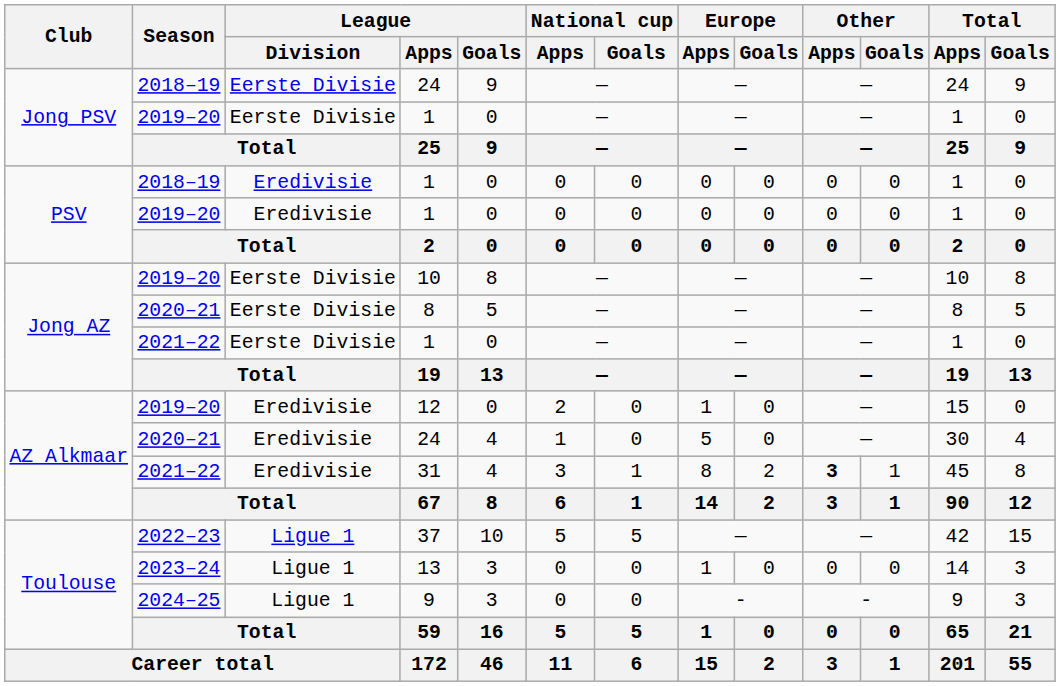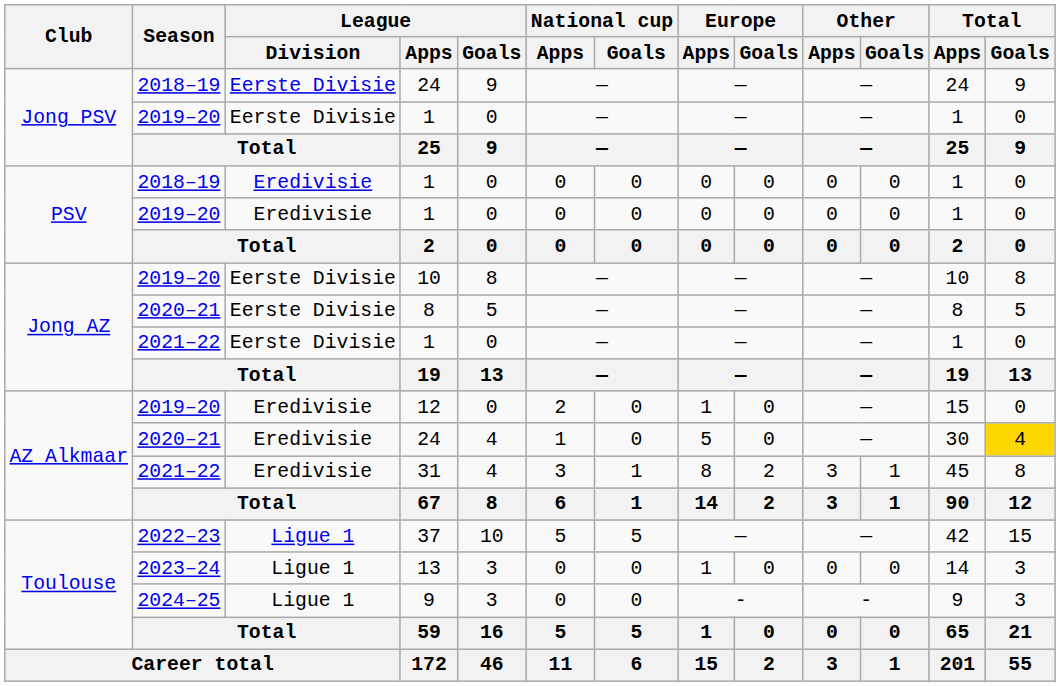 <table class="wikitable" style="text-align:center">
 <tr>
 <th rowspan="2">Club</th>
 <th rowspan="2">Season</th>
 <th colspan="3">League</th>
 <th colspan="2">National cup</th>
 <th colspan="2">Europe</th>
 <th colspan="2">Other</th>
 <th colspan="2">Total</th>
 </tr>
 <tr>
 <th>Division</th>
 <th>Apps</th>
 <th>Goals</th>
 <th>Apps</th>
 <th>Goals</th>
 <th>Apps</th>
 <th>Goals</th>
 <th>Apps</th>
 <th>Goals</th>
 <th>Apps</th>
 <th>Goals</th>
 </tr>
 <tr>
 <td rowspan="3"><a href='#'>Jong PSV</a></td>
 <td><a href='#'>2018–19</a></td>
 <td><a href='#'>Eerste Divisie</a></td>
 <td>24</td>
 <td>9</td>
 <td colspan="2">—</td>
 <td colspan="2">—</td>
 <td colspan="2">—</td>
 <td>24</td>
 <td>9</td>
 </tr>
 <tr>
 <td><a href='#'>2019–20</a></td>
 <td>Eerste Divisie</td>
 <td>1</td>
 <td>0</td>
 <td colspan="2">—</td>
 <td colspan="2">—</td>
 <td colspan="2">—</td>
 <td>1</td>
 <td>0</td>
 </tr>
 <tr>
 <th colspan="2">Total</th>
 <th>25</th>
 <th>9</th>
 <th colspan="2">—</th>
 <th colspan="2">—</th>
 <th colspan="2">—</th>
 <th>25</th>
 <th>9</th>
 </tr>
 <tr>
 <td rowspan="3"><a href='#'>PSV</a></td>
 <td><a href='#'>2018–19</a></td>
 <td><a href='#'>Eredivisie</a></td>
 <td>1</td>
 <td>0</td>
 <td>0</td>
 <td>0</td>
 <td>0</td>
 <td>0</td>
 <td>0</td>
 <td>0</td>
 <td>1</td>
 <td>0</td>
 </tr>
 <tr>
 <td><a href='#'>2019–20</a></td>
 <td>Eredivisie</td>
 <td>1</td>
 <td>0</td>
 <td>0</td>
 <td>0</td>
 <td>0</td>
 <td>0</td>
 <td>0</td>
 <td>0</td>
 <td>1</td>
 <td>0</td>
 </tr>
 <tr>
 <th colspan="2">Total</th>
 <th>2</th>
 <th>0</th>
 <th>0</th>
 <th>0</th>
 <th>0</th>
 <th>0</th>
 <th>0</th>
 <th>0</th>
 <th>2</th>
 <th>0</th>
 </tr>
 <tr>
 <td rowspan="4"><a href='#'>Jong AZ</a></td>
 <td><a href='#'>2019–20</a></td>
 <td>Eerste Divisie</td>
 <td>10</td>
 <td>8</td>
 <td colspan="2">—</td>
 <td colspan="2">—</td>
 <td colspan="2">—</td>
 <td>10</td>
 <td>8</td>
 </tr>
 <tr>
 <td><a href='#'>2020–21</a></td>
 <td>Eerste Divisie</td>
 <td>8</td>
 <td>5</td>
 <td colspan="2">—</td>
 <td colspan="2">—</td>
 <td colspan="2">—</td>
 <td>8</td>
 <td>5</td>
 </tr>
 <tr>
 <td><a href='#'>2021–22</a></td>
 <td>Eerste Divisie</td>
 <td>1</td>
 <td>0</td>
 <td colspan="2">—</td>
 <td colspan="2">—</td>
 <td colspan="2">—</td>
 <td>1</td>
 <td>0</td>
 </tr>
 <tr>
 <th colspan="2">Total</th>
 <th>19</th>
 <th>13</th>
 <th colspan="2">—</th>
 <th colspan="2">—</th>
 <th colspan="2">—</th>
 <th>19</th>
 <th>13</th>
 </tr>
 <tr>
 <td rowspan="4"><a href='#'>AZ Alkmaar</a></td>
 <td><a href='#'>2019–20</a></td>
 <td>Eredivisie</td>
 <td>12</td>
 <td>0</td>
 <td>2</td>
 <td>0</td>
 <td>1</td>
 <td>0</td>
 <td colspan="2">—</td>
 <td>15</td>
 <td>0</td>
 </tr>
 <tr>
 <td><a href='#'>2020–21</a></td>
 <td>Eredivisie</td>
 <td>24</td>
 <td>4</td>
 <td>1</td>
 <td>0</td>
 <td>5</td>
 <td>0</td>
 <td colspan="2">—</td>
 <td>30</td>
-<td>4</td>
+<td style="background: gold;">4</td>
 </tr>
 <tr>
 <td><a href='#'>2021–22</a></td>
 <td>Eredivisie</td>
 <td>31</td>
 <td>4</td>
 <td>3</td>
 <td>1</td>
 <td>8</td>
 <td>2</td>
-<td><strong>3</strong></td>
+<td>3</td>
 <td>1</td>
 <td>45</td>
 <td>8</td>
 </tr>
 <tr>
 <th colspan="2">Total</th>
 <th>67</th>
 <th>8</th>
 <th>6</th>
 <th>1</th>
 <th>14</th>
 <th>2</th>
 <th>3</th>
 <th>1</th>
 <th>90</th>
 <th>12</th>
 </tr>
 <tr>
 <td rowspan="4"><a href='#'>Toulouse</a></td>
 <td><a href='#'>2022–23</a></td>
 <td><a href='#'>Ligue 1</a></td>
 <td>37</td>
 <td>10</td>
 <td>5</td>
 <td>5</td>
 <td colspan="2">—</td>
 <td colspan="2">—</td>
 <td>42</td>
 <td>15</td>
 </tr>
 <tr>
 <td><a href='#'>2023–24</a></td>
 <td>Ligue 1</td>
 <td>13</td>
 <td>3</td>
 <td>0</td>
 <td>0</td>
 <td>1</td>
 <td>0</td>
 <td>0</td>
 <td>0</td>
 <td>14</td>
 <td>3</td>
 </tr>
 <tr>
 <td><a href='#'>2024–25</a></td>
 <td>Ligue 1</td>
 <td>9</td>
 <td>3</td>
 <td>0</td>
 <td>0</td>
 <td colspan="2">-</td>
 <td colspan="2">-</td>
 <td>9</td>
 <td>3</td>
 </tr>
 <tr>
 <th colspan="2">Total</th>
 <th>59</th>
 <th>16</th>
 <th>5</th>
 <th>5</th>
 <th>1</th>
 <th>0</th>
 <th>0</th>
 <th>0</th>
 <th>65</th>
 <th>21</th>
 </tr>
 <tr>
 <th colspan="3">Career total</th>
 <th>172</th>
 <th>46</th>
 <th>11</th>
 <th>6</th>
 <th>15</th>
 <th>2</th>
 <th>3</th>
 <th>1</th>
 <th>201</th>
 <th>55</th>
 </tr>
 </table>
